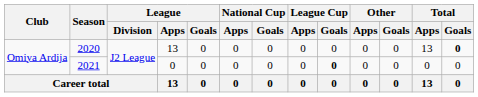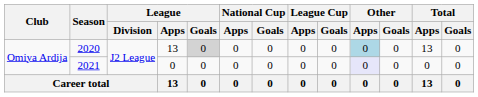 <table class="wikitable" style="text-align: center">
 <tr>
 <th rowspan="2">Club</th>
 <th rowspan="2">Season</th>
 <th colspan="3">League</th>
 <th colspan="2">National Cup</th>
 <th colspan="2">League Cup</th>
 <th colspan="2">Other</th>
 <th colspan="2">Total</th>
 </tr>
 <tr>
 <th>Division</th>
 <th>Apps</th>
 <th>Goals</th>
 <th>Apps</th>
 <th>Goals</th>
 <th>Apps</th>
 <th>Goals</th>
 <th>Apps</th>
 <th>Goals</th>
 <th>Apps</th>
 <th>Goals</th>
 </tr>
 <tr>
 <td rowspan="2"><a href='#'>Omiya Ardija</a></td>
 <td><a href='#'>2020</a></td>
 <td rowspan="2"><a href='#'>J2 League</a></td>
 <td>13</td>
+<td style="background: lightgrey;">0</td>
 <td>0</td>
 <td>0</td>
 <td>0</td>
 <td>0</td>
-<td>0</td>
-<td>0</td>
+<td style="background: lightblue;">0</td>
 <td>0</td>
 <td>13</td>
-<td><strong>0</strong></td>
+<td>0</td>
 </tr>
 <tr>
 <td><a href='#'>2021</a></td>
 <td>0</td>
 <td>0</td>
 <td>0</td>
 <td>0</td>
 <td>0</td>
-<td><strong>0</strong></td>
 <td>0</td>
+<td style="background: lavender;">0</td>
 <td>0</td>
 <td>0</td>
 <td>0</td>
 </tr>
 <tr>
 <th colspan=3>Career total</th>
 <th>13</th>
 <th>0</th>
 <th>0</th>
 <th>0</th>
 <th>0</th>
 <th>0</th>
 <th>0</th>
 <th>0</th>
 <th>13</th>
 <th>0</th>
 </tr>
 </table>
